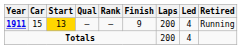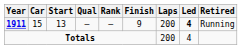 <table class="wikitable" style="text-align:center">
 <tr>
 <th>Year</th>
 <th>Car</th>
 <th>Start</th>
 <th>Qual</th>
 <th>Rank</th>
 <th>Finish</th>
 <th>Laps</th>
 <th>Led</th>
 <th>Retired</th>
 </tr>
 <tr>
 <th><a href='#'>1911</a></th>
 <td>15</td>
-<td style="background: gold;">13</td>
+<td>13</td>
 <td>—</td>
 <td>—</td>
 <td>9</td>
 <td>200</td>
-<td>4</td>
+<td><strong>4</strong></td>
 <td>Running</td>
 </tr>
 <tr>
 <td colspan=6><strong>Totals</strong></td>
 <td>200</td>
 <td>4</td>
 <td></td>
 </tr>
 </table>
